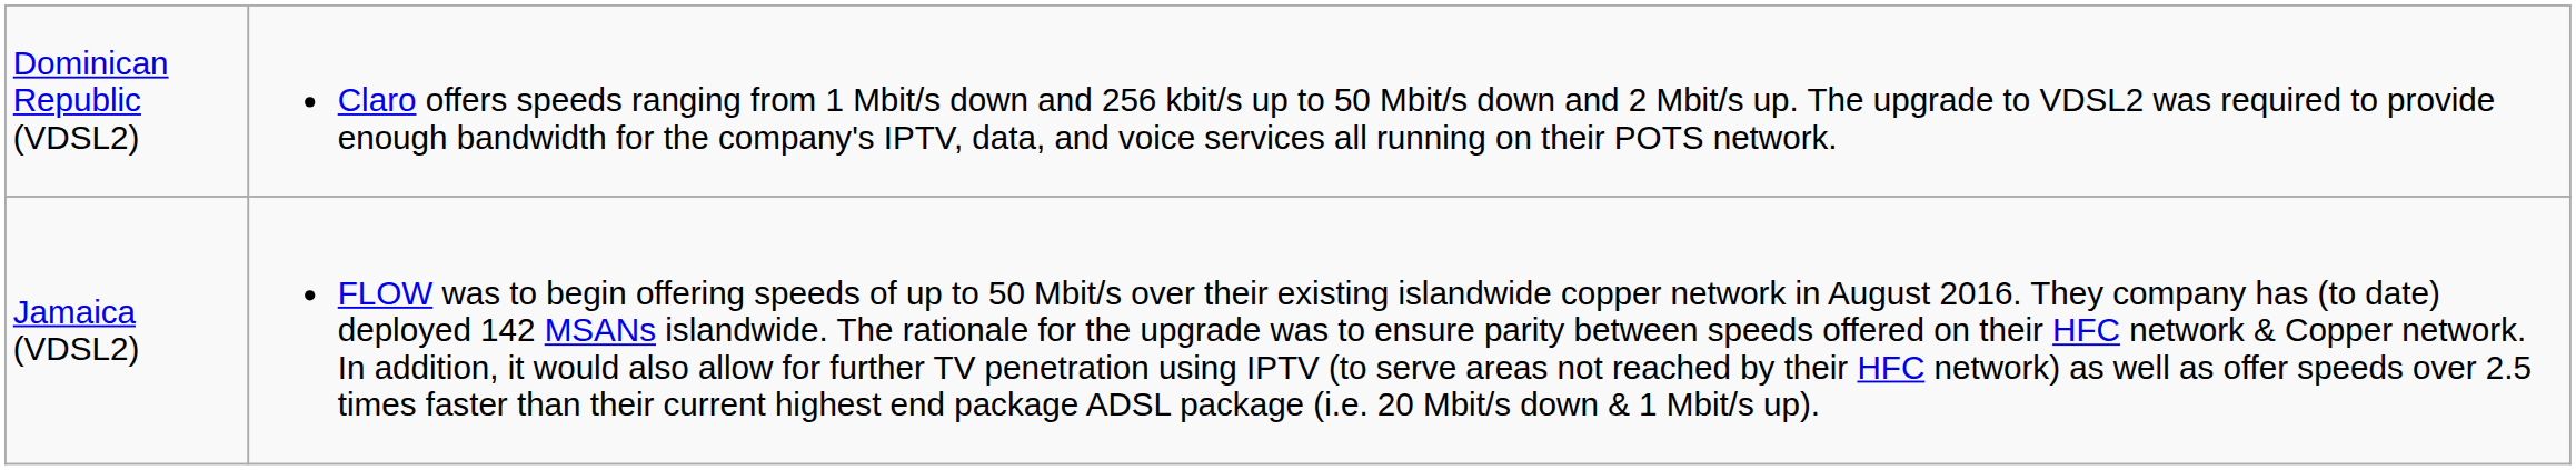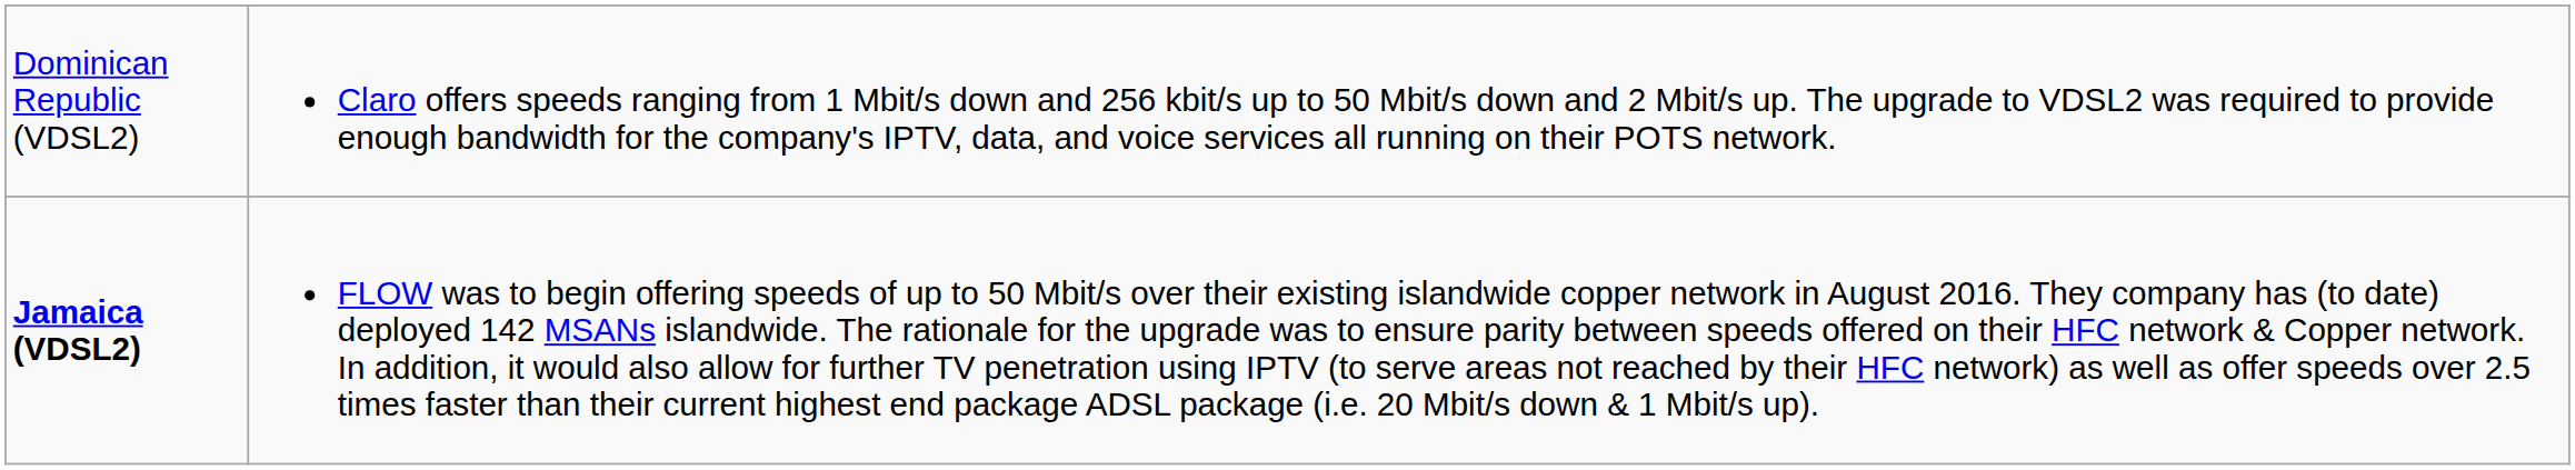 <table class="wikitable">
 <tr>
 <td><a href='#'>Dominican Republic</a> (VDSL2)</td>
 <td><br><ul><li><a href='#'>Claro</a> offers speeds ranging from 1 Mbit/s down and 256 kbit/s up to 50 Mbit/s down and 2 Mbit/s up. The upgrade to VDSL2 was required to provide enough bandwidth for the company's IPTV, data, and voice services all running on their POTS network.</li></ul></td>
 </tr>
 <tr>
-<td><a href='#'>Jamaica</a> (VDSL2)</td>
+<td><strong><a href='#'>Jamaica</a> (VDSL2)</strong></td>
 <td><br><ul><li><a href='#'>FLOW</a> was to begin offering speeds of up to 50 Mbit/s over their existing islandwide copper network in August 2016. They company has (to date) deployed 142 <a href='#'>MSANs</a> islandwide. The rationale for the upgrade was to ensure parity between speeds offered on their <a href='#'>HFC</a> network & Copper network. In addition, it would also allow for further TV penetration using IPTV (to serve areas not reached by their <a href='#'>HFC</a> network) as well as offer speeds over 2.5 times faster than their current highest end package ADSL package (i.e. 20 Mbit/s down & 1 Mbit/s up).</li></ul></td>
 </tr>
 </table>
